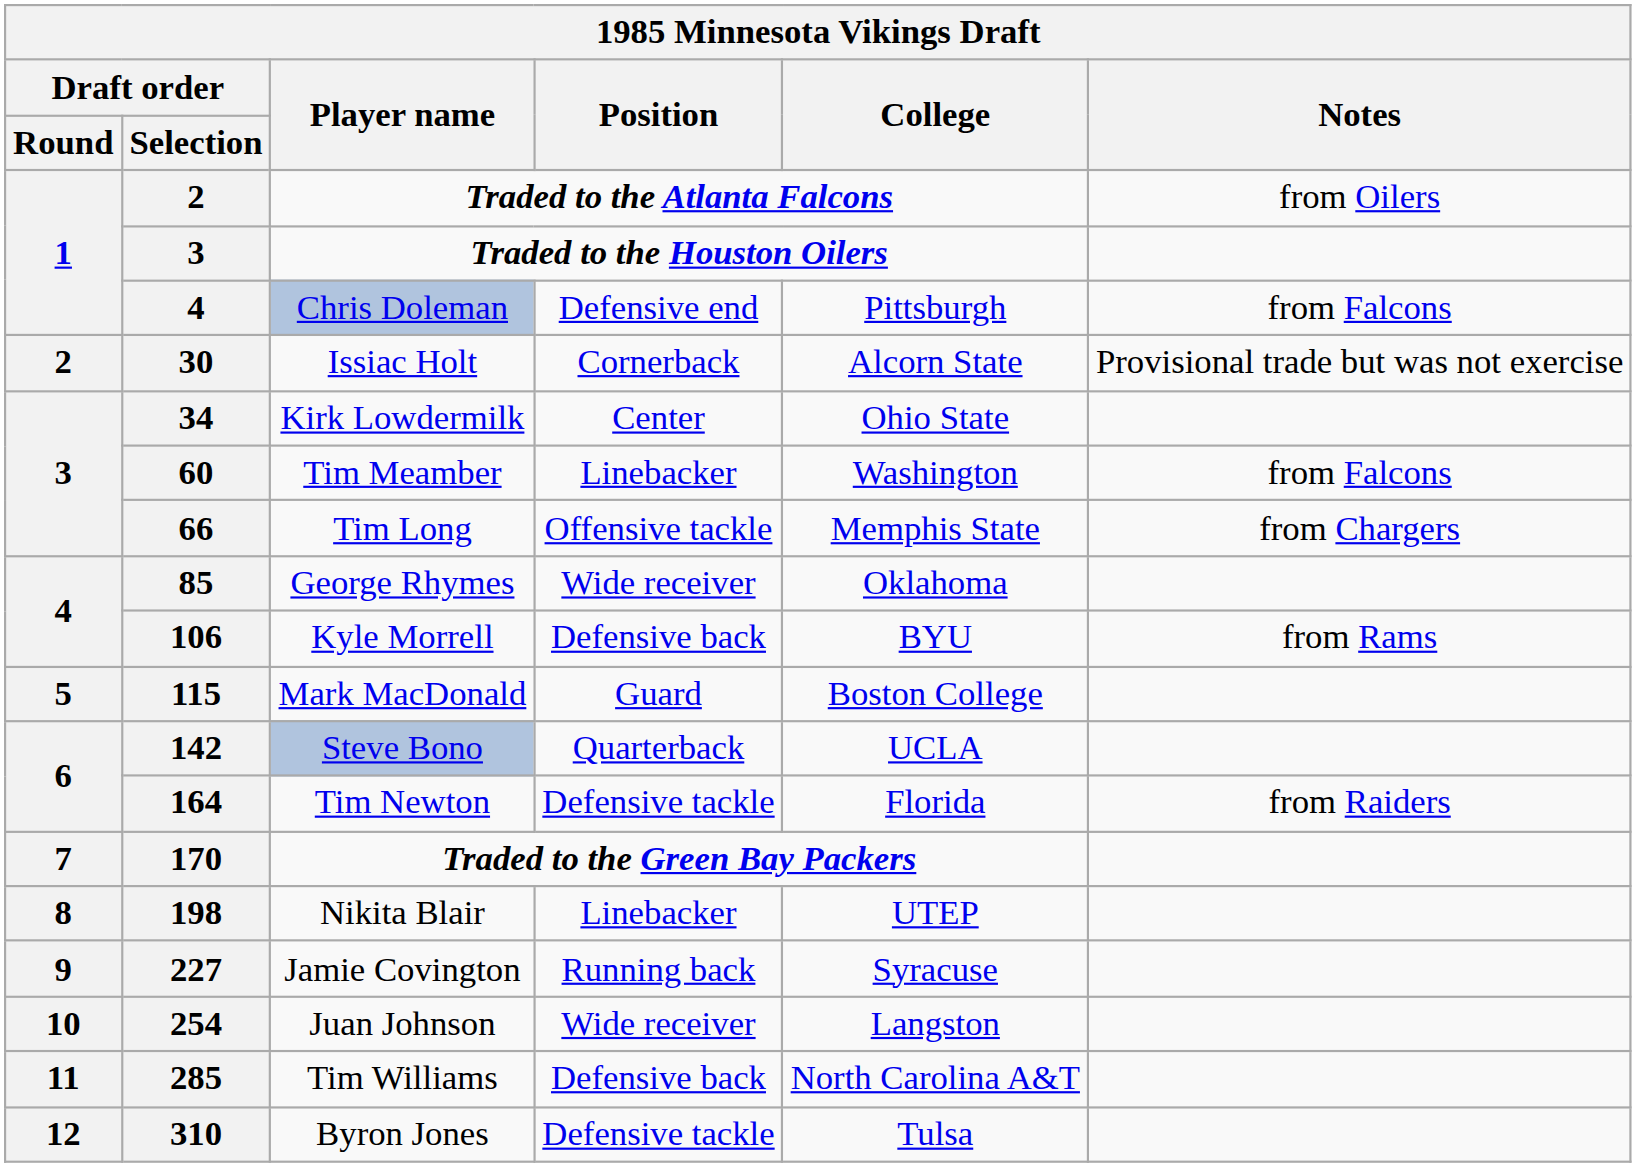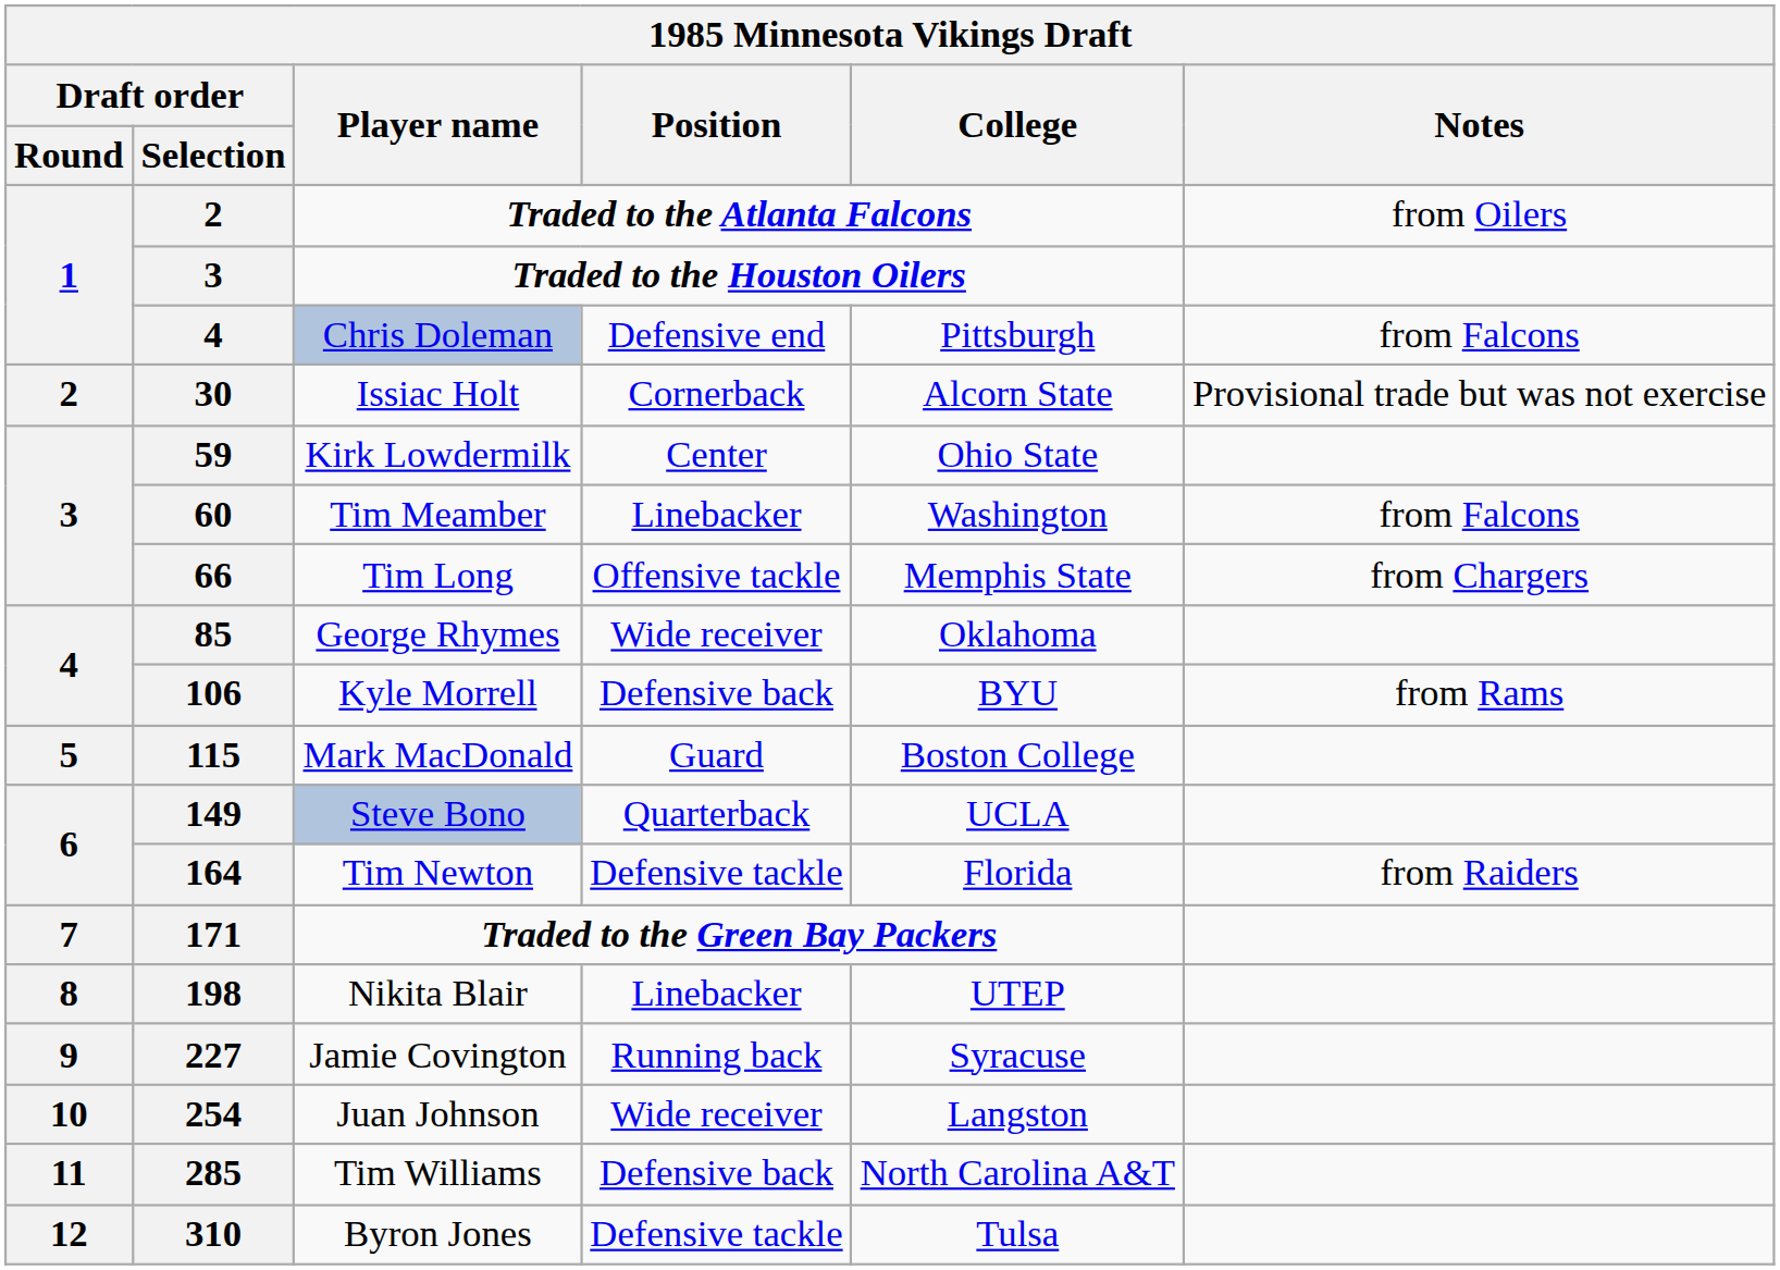 <table class="wikitable" style="text-align:center">
 <tr>
 <th colspan="6">1985 Minnesota Vikings Draft</th>
 </tr>
 <tr>
 <th colspan="2">Draft order</th>
 <th rowspan="2">Player name</th>
 <th rowspan="2">Position</th>
 <th rowspan="2">College</th>
 <th rowspan="2">Notes</th>
 </tr>
 <tr>
 <th>Round</th>
 <th>Selection</th>
 </tr>
 <tr>
 <th rowspan="3"><a href='#'>1</a></th>
 <th>2</th>
 <td colspan="3"><strong><em>Traded to the <a href='#'>Atlanta Falcons</a></em></strong></td>
 <td>from <a href='#'>Oilers</a></td>
 </tr>
 <tr>
 <th>3</th>
 <td colspan="3"><strong><em>Traded to the <a href='#'>Houston Oilers</a></em></strong></td>
 <td></td>
 </tr>
 <tr>
 <th>4</th>
 <td bgcolor=lightsteelblue><a href='#'>Chris Doleman</a></td>
 <td><a href='#'>Defensive end</a></td>
 <td><a href='#'>Pittsburgh</a></td>
 <td>from <a href='#'>Falcons</a></td>
 </tr>
 <tr>
 <th>2</th>
 <th>30</th>
 <td><a href='#'>Issiac Holt</a></td>
 <td><a href='#'>Cornerback</a></td>
 <td><a href='#'>Alcorn State</a></td>
 <td>Provisional trade but was not exercise</td>
 </tr>
 <tr>
 <th rowspan="3">3</th>
-<th>34</th>
+<th>59</th>
 <td><a href='#'>Kirk Lowdermilk</a></td>
 <td><a href='#'>Center</a></td>
 <td><a href='#'>Ohio State</a></td>
 <td></td>
 </tr>
 <tr>
 <th>60</th>
 <td><a href='#'>Tim Meamber</a></td>
 <td><a href='#'>Linebacker</a></td>
 <td><a href='#'>Washington</a></td>
 <td>from <a href='#'>Falcons</a></td>
 </tr>
 <tr>
 <th>66</th>
 <td><a href='#'>Tim Long</a></td>
 <td><a href='#'>Offensive tackle</a></td>
 <td><a href='#'>Memphis State</a></td>
 <td>from <a href='#'>Chargers</a></td>
 </tr>
 <tr>
 <th rowspan="2">4</th>
 <th>85</th>
 <td><a href='#'>George Rhymes</a></td>
 <td><a href='#'>Wide receiver</a></td>
 <td><a href='#'>Oklahoma</a></td>
 <td></td>
 </tr>
 <tr>
 <th>106</th>
 <td><a href='#'>Kyle Morrell</a></td>
 <td><a href='#'>Defensive back</a></td>
 <td><a href='#'>BYU</a></td>
 <td>from <a href='#'>Rams</a></td>
 </tr>
 <tr>
 <th>5</th>
 <th>115</th>
 <td><a href='#'>Mark MacDonald</a></td>
 <td><a href='#'>Guard</a></td>
 <td><a href='#'>Boston College</a></td>
 <td></td>
 </tr>
 <tr>
 <th rowspan="2">6</th>
-<th>142</th>
+<th>149</th>
 <td bgcolor=lightsteelblue><a href='#'>Steve Bono</a></td>
 <td><a href='#'>Quarterback</a></td>
 <td><a href='#'>UCLA</a></td>
 <td></td>
 </tr>
 <tr>
 <th>164</th>
 <td><a href='#'>Tim Newton</a></td>
 <td><a href='#'>Defensive tackle</a></td>
 <td><a href='#'>Florida</a></td>
 <td>from <a href='#'>Raiders</a></td>
 </tr>
 <tr>
 <th>7</th>
-<th>170</th>
+<th>171</th>
 <td colspan="3"><strong><em>Traded to the <a href='#'>Green Bay Packers</a></em></strong></td>
 <td></td>
 </tr>
 <tr>
 <th>8</th>
 <th>198</th>
 <td>Nikita Blair</td>
 <td><a href='#'>Linebacker</a></td>
 <td><a href='#'>UTEP</a></td>
 <td></td>
 </tr>
 <tr>
 <th>9</th>
 <th>227</th>
 <td>Jamie Covington</td>
 <td><a href='#'>Running back</a></td>
 <td><a href='#'>Syracuse</a></td>
 <td></td>
 </tr>
 <tr>
 <th>10</th>
 <th>254</th>
 <td>Juan Johnson</td>
 <td><a href='#'>Wide receiver</a></td>
 <td><a href='#'>Langston</a></td>
 <td></td>
 </tr>
 <tr>
 <th>11</th>
 <th>285</th>
 <td>Tim Williams</td>
 <td><a href='#'>Defensive back</a></td>
 <td><a href='#'>North Carolina A&T</a></td>
 <td></td>
 </tr>
 <tr>
 <th>12</th>
 <th>310</th>
 <td>Byron Jones</td>
 <td><a href='#'>Defensive tackle</a></td>
 <td><a href='#'>Tulsa</a></td>
 <td></td>
 </tr>
 </table>
